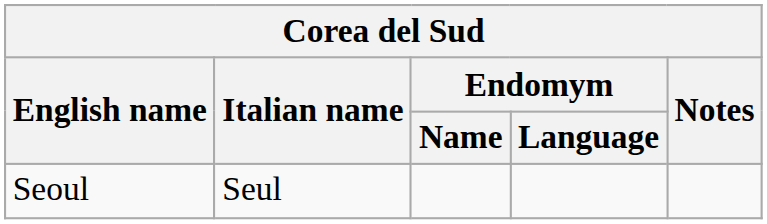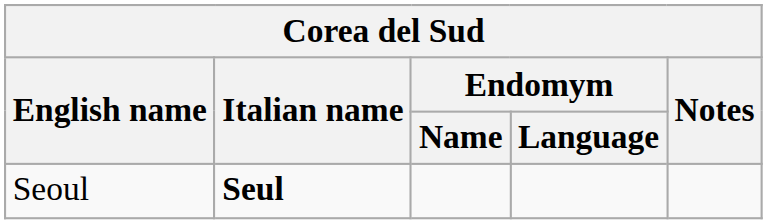 <table class="wikitable sortable">
 <tr>
 <th colspan="5"> Corea del Sud</th>
 </tr>
 <tr>
 <th rowspan="2">English name</th>
 <th rowspan="2">Italian name</th>
 <th colspan="2">Endomym</th>
 <th rowspan="2">Notes</th>
 </tr>
 <tr>
 <th>Name</th>
 <th>Language</th>
 </tr>
 <tr>
 <td>Seoul</td>
-<td>Seul</td>
+<td><strong>Seul</strong></td>
 <td></td>
 <td></td>
 <td></td>
 </tr>
 </table>
